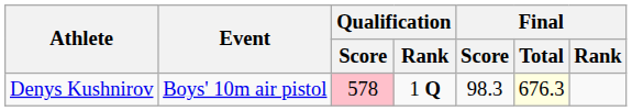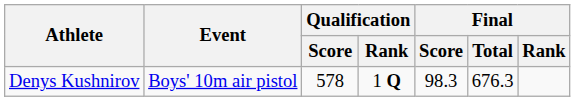 <table class="wikitable" style="font-size:90%">
 <tr>
 <th rowspan="2">Athlete</th>
 <th rowspan="2">Event</th>
 <th colspan="2">Qualification</th>
 <th colspan="3">Final</th>
 </tr>
 <tr>
 <th>Score</th>
 <th>Rank</th>
 <th>Score</th>
 <th>Total</th>
 <th>Rank</th>
 </tr>
 <tr>
 <td><a href='#'>Denys Kushnirov</a></td>
 <td><a href='#'>Boys' 10m air pistol</a></td>
-<td align=center style="background: pink;">578</td>
+<td align=center>578</td>
 <td align=center>1 <strong>Q</strong></td>
 <td align=center>98.3</td>
-<td align=center style="background: lightyellow;">676.3</td>
+<td align=center>676.3</td>
 <td align=center></td>
 </tr>
 </table>
